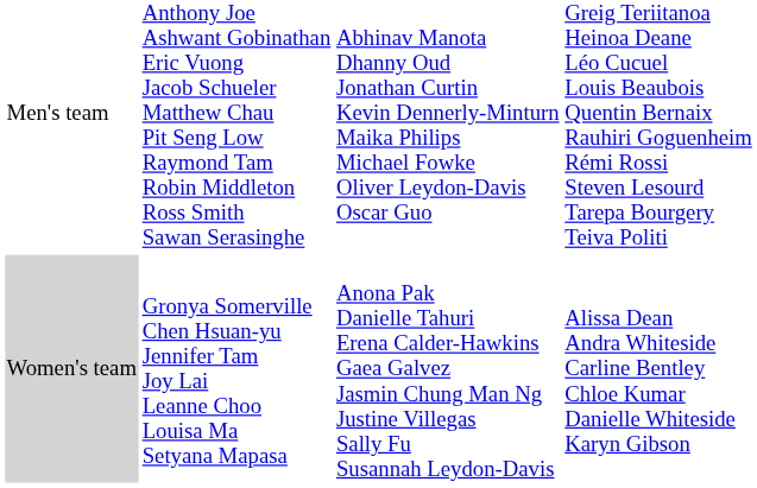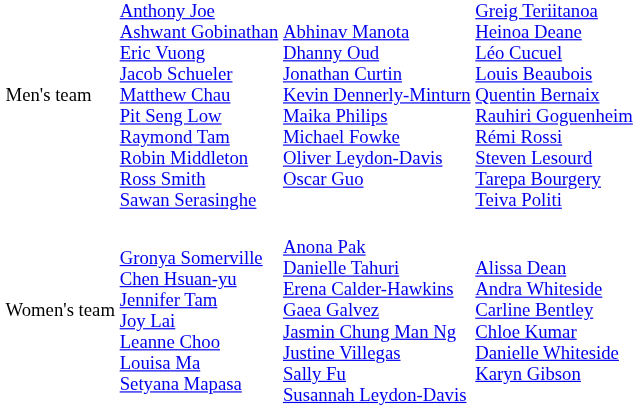 <table>
 <tr>
 <td>Men's team</td>
 <td align="left"><br><a href='#'>Anthony Joe</a><br><a href='#'>Ashwant Gobinathan</a><br><a href='#'>Eric Vuong</a><br><a href='#'>Jacob Schueler</a><br><a href='#'>Matthew Chau</a><br><a href='#'>Pit Seng Low</a><br><a href='#'>Raymond Tam</a><br><a href='#'>Robin Middleton</a><br><a href='#'>Ross Smith</a><br><a href='#'>Sawan Serasinghe</a></td>
 <td align="left"><br><a href='#'>Abhinav Manota</a><br><a href='#'>Dhanny Oud</a><br><a href='#'>Jonathan Curtin</a><br><a href='#'>Kevin Dennerly-Minturn</a><br><a href='#'>Maika Philips</a><br><a href='#'>Michael Fowke</a><br><a href='#'>Oliver Leydon-Davis</a><br><a href='#'>Oscar Guo</a></td>
 <td align="left"><br><a href='#'>Greig Teriitanoa</a><br><a href='#'>Heinoa Deane</a><br><a href='#'>Léo Cucuel</a><br><a href='#'>Louis Beaubois</a><br><a href='#'>Quentin Bernaix</a><br><a href='#'>Rauhiri Goguenheim</a><br><a href='#'>Rémi Rossi</a><br><a href='#'>Steven Lesourd</a><br><a href='#'>Tarepa Bourgery</a><br><a href='#'>Teiva Politi</a></td>
 </tr>
 <tr>
-<td style="background: lightgrey;">Women's team</td>
+<td>Women's team</td>
 <td align="left"><br><a href='#'>Gronya Somerville</a><br><a href='#'>Chen Hsuan-yu</a><br><a href='#'>Jennifer Tam</a><br><a href='#'>Joy Lai</a><br><a href='#'>Leanne Choo</a><br><a href='#'>Louisa Ma</a><br><a href='#'>Setyana Mapasa</a></td>
 <td align="left"><br><a href='#'>Anona Pak</a><br><a href='#'>Danielle Tahuri</a><br><a href='#'>Erena Calder-Hawkins</a><br><a href='#'>Gaea Galvez</a><br><a href='#'>Jasmin Chung Man Ng</a><br><a href='#'>Justine Villegas</a><br><a href='#'>Sally Fu</a><br><a href='#'>Susannah Leydon-Davis</a></td>
 <td align="left"><br><a href='#'>Alissa Dean</a><br><a href='#'>Andra Whiteside</a><br><a href='#'>Carline Bentley</a><br><a href='#'>Chloe Kumar</a><br><a href='#'>Danielle Whiteside</a><br><a href='#'>Karyn Gibson</a></td>
 </tr>
 </table>
